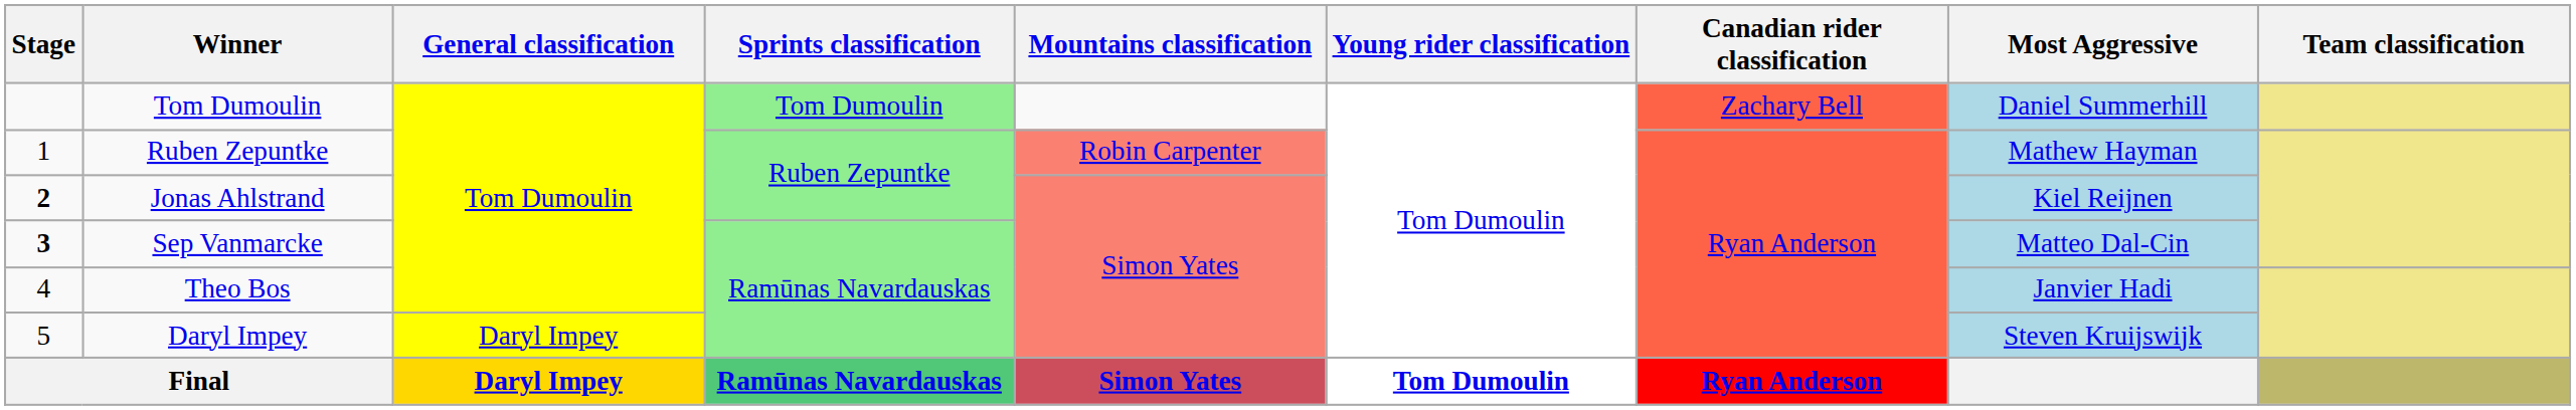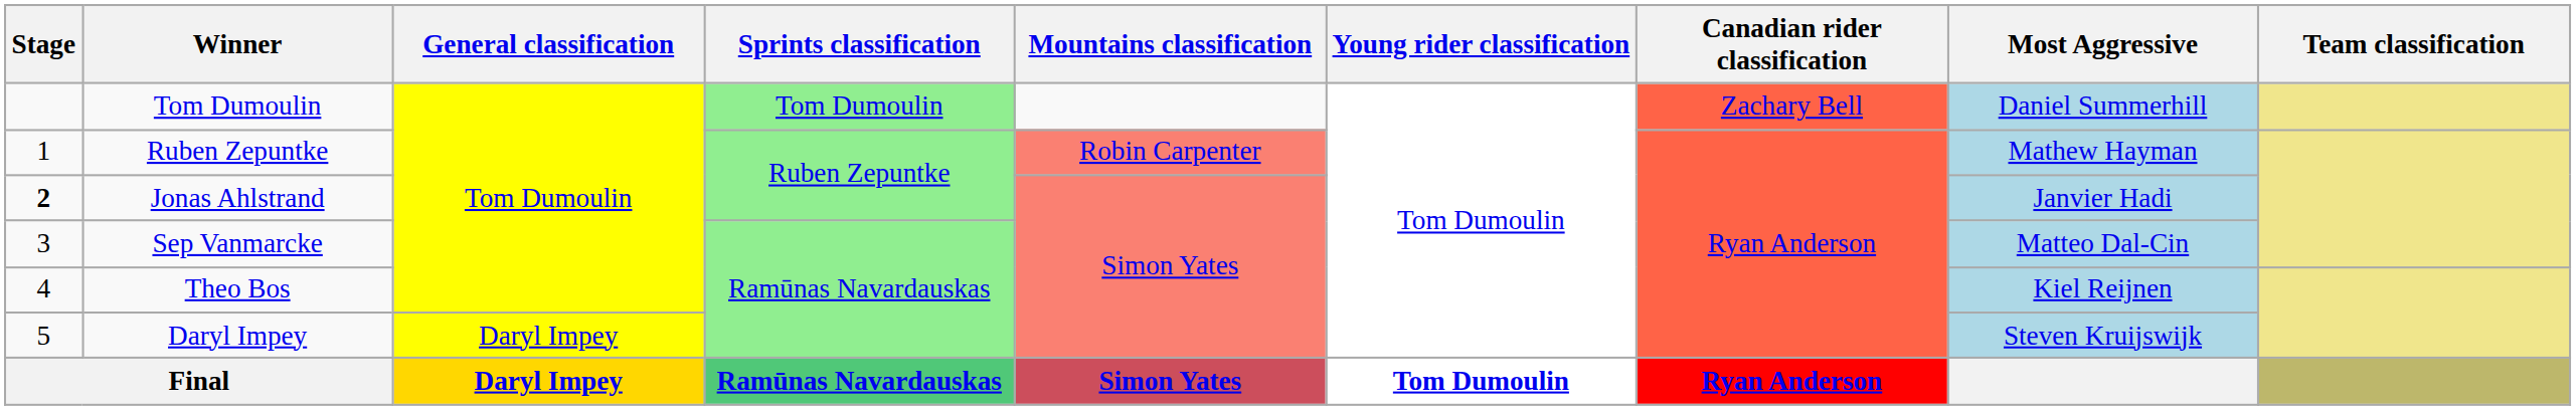 <table class="wikitable" style="text-align: center; font-size:smaller;">
 <tr>
 <th style="width:1%;">Stage</th>
 <th style="width:12%;">Winner</th>
 <th style="width:12%;"><a href='#'>General classification</a><br></th>
 <th style="width:12%;"><a href='#'>Sprints classification</a><br></th>
 <th style="width:12%;"><a href='#'>Mountains classification</a><br></th>
 <th style="width:12%;"><a href='#'>Young rider classification</a><br></th>
 <th style="width:12%;">Canadian rider classification<br></th>
 <th style="width:12%;">Most Aggressive<br></th>
 <th style="width:12%;">Team classification<br></th>
 </tr>
 <tr>
 <td></td>
 <td><a href='#'>Tom Dumoulin</a></td>
 <td style="background:yellow;" rowspan=5><a href='#'>Tom Dumoulin</a></td>
 <td style="background:lightgreen;"><a href='#'>Tom Dumoulin</a></td>
 <td></td>
 <td style="background:white;" rowspan=6><a href='#'>Tom Dumoulin</a></td>
 <td style="background:tomato;"><a href='#'>Zachary Bell</a></td>
 <td style="background:lightblue;"><a href='#'>Daniel Summerhill</a></td>
 <td style="background:Khaki;"></td>
 </tr>
 <tr>
 <td>1</td>
 <td><a href='#'>Ruben Zepuntke</a></td>
 <td style="background:lightgreen;" rowspan=2><a href='#'>Ruben Zepuntke</a></td>
 <td style="background:salmon;"><a href='#'>Robin Carpenter</a></td>
 <td style="background:tomato;" rowspan=5><a href='#'>Ryan Anderson</a></td>
 <td style="background:lightblue;"><a href='#'>Mathew Hayman</a></td>
 <td style="background:Khaki;" rowspan=3></td>
 </tr>
 <tr>
 <td><strong>2</strong></td>
 <td><a href='#'>Jonas Ahlstrand</a></td>
 <td style="background:salmon;" rowspan=4><a href='#'>Simon Yates</a></td>
-<td style="background:lightblue;"><a href='#'>Kiel Reijnen</a></td>
+<td style="background:lightblue;"><a href='#'>Janvier Hadi</a></td>
 </tr>
 <tr>
-<td><strong>3</strong></td>
+<td>3</td>
 <td><a href='#'>Sep Vanmarcke</a></td>
 <td style="background:lightgreen;" rowspan=3><a href='#'>Ramūnas Navardauskas</a></td>
 <td style="background:lightblue;"><a href='#'>Matteo Dal-Cin</a></td>
 </tr>
 <tr>
 <td>4</td>
 <td><a href='#'>Theo Bos</a></td>
-<td style="background:lightblue;"><a href='#'>Janvier Hadi</a></td>
+<td style="background:lightblue;"><a href='#'>Kiel Reijnen</a></td>
 <td style="background:Khaki;" rowspan=2></td>
 </tr>
 <tr>
 <td>5</td>
 <td><a href='#'>Daryl Impey</a></td>
 <td style="background:yellow;"><a href='#'>Daryl Impey</a></td>
 <td style="background:lightblue;"><a href='#'>Steven Kruijswijk</a></td>
 </tr>
 <tr>
 <th colspan=2>Final</th>
 <th style="background:gold;"><a href='#'>Daryl Impey</a></th>
 <th style="background:#50c878;"><a href='#'>Ramūnas Navardauskas</a></th>
 <th style="background:#cc4e5c;"><a href='#'>Simon Yates</a></th>
 <th style="background:white;"><a href='#'>Tom Dumoulin</a></th>
 <th style="background:red;"><a href='#'>Ryan Anderson</a></th>
 <th></th>
 <th style="background:DarkKhaki;"></th>
 </tr>
 </table>
